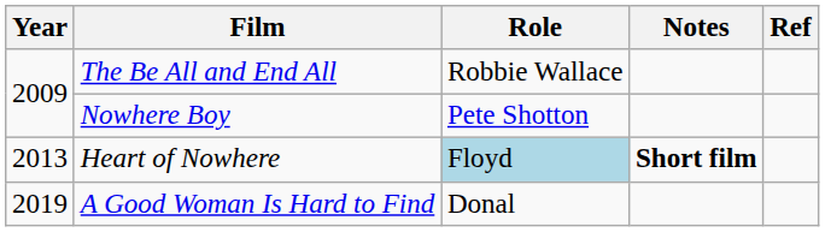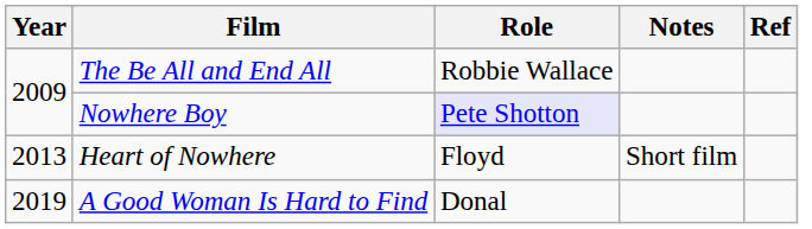 <table class="wikitable">
 <tr>
 <th>Year</th>
 <th>Film</th>
 <th>Role</th>
 <th class="unsortable">Notes</th>
 <th class="unsortable">Ref</th>
 </tr>
 <tr>
 <td rowspan=2>2009</td>
 <td><em><a href='#'>The Be All and End All</a></em></td>
 <td>Robbie Wallace</td>
 <td></td>
 <td></td>
 </tr>
 <tr>
 <td><em><a href='#'>Nowhere Boy</a></em></td>
-<td><a href='#'>Pete Shotton</a></td>
+<td style="background: lavender;"><a href='#'>Pete Shotton</a></td>
 <td></td>
 <td></td>
 </tr>
 <tr>
 <td>2013</td>
 <td><em>Heart of Nowhere</em></td>
-<td style="background: lightblue;">Floyd</td>
-<td><strong>Short film</strong></td>
+<td>Floyd</td>
+<td>Short film</td>
 <td></td>
 </tr>
 <tr>
 <td>2019</td>
 <td><em><a href='#'>A Good Woman Is Hard to Find</a></em></td>
 <td>Donal</td>
 <td></td>
 <td></td>
 </tr>
 </table>
